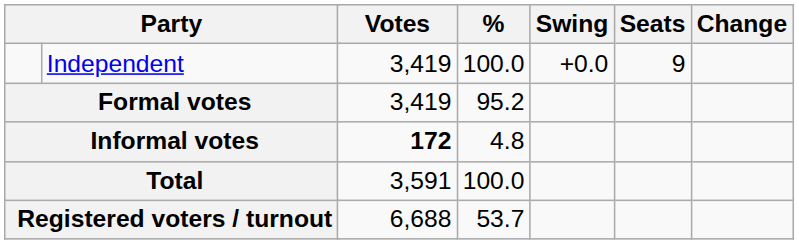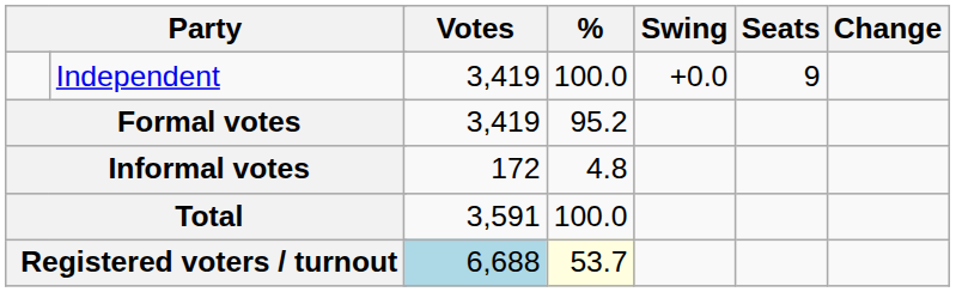 <table class="wikitable" style="text-align:right; margin-bottom:0">
 <tr>
 <th style="width:10px" colspan=3>Party</th>
 <th style="width:70px;">Votes</th>
 <th style="width:40px;">%</th>
 <th style="width:40px;">Swing</th>
 <th style="width:40px;">Seats</th>
 <th style="width:40px;">Change</th>
 </tr>
 <tr>
 <td> </td>
 <td style="text-align:left;" colspan="2"><a href='#'>Independent</a></td>
 <td>3,419</td>
 <td>100.0</td>
 <td>+0.0</td>
 <td>9</td>
 <td></td>
 </tr>
 <tr>
 <th colspan="3" rowspan="1"> Formal votes</th>
 <td>3,419</td>
 <td>95.2</td>
 <td></td>
 <td></td>
 <td></td>
 </tr>
 <tr>
 <th colspan="3" rowspan="1"> Informal votes</th>
-<td><strong>172</strong></td>
+<td>172</td>
 <td>4.8</td>
 <td></td>
 <td></td>
 <td></td>
 </tr>
 <tr>
 <th colspan="3" rowspan="1"> <strong>Total </strong></th>
 <td>3,591</td>
 <td>100.0</td>
 <td></td>
 <td></td>
 <td></td>
 </tr>
 <tr>
 <th colspan="3" rowspan="1"> Registered voters / turnout</th>
-<td>6,688</td>
-<td>53.7</td>
+<td style="background: lightblue;">6,688</td>
+<td style="background: lightyellow;">53.7</td>
 <td></td>
 <td></td>
 <td></td>
 </tr>
 </table>
